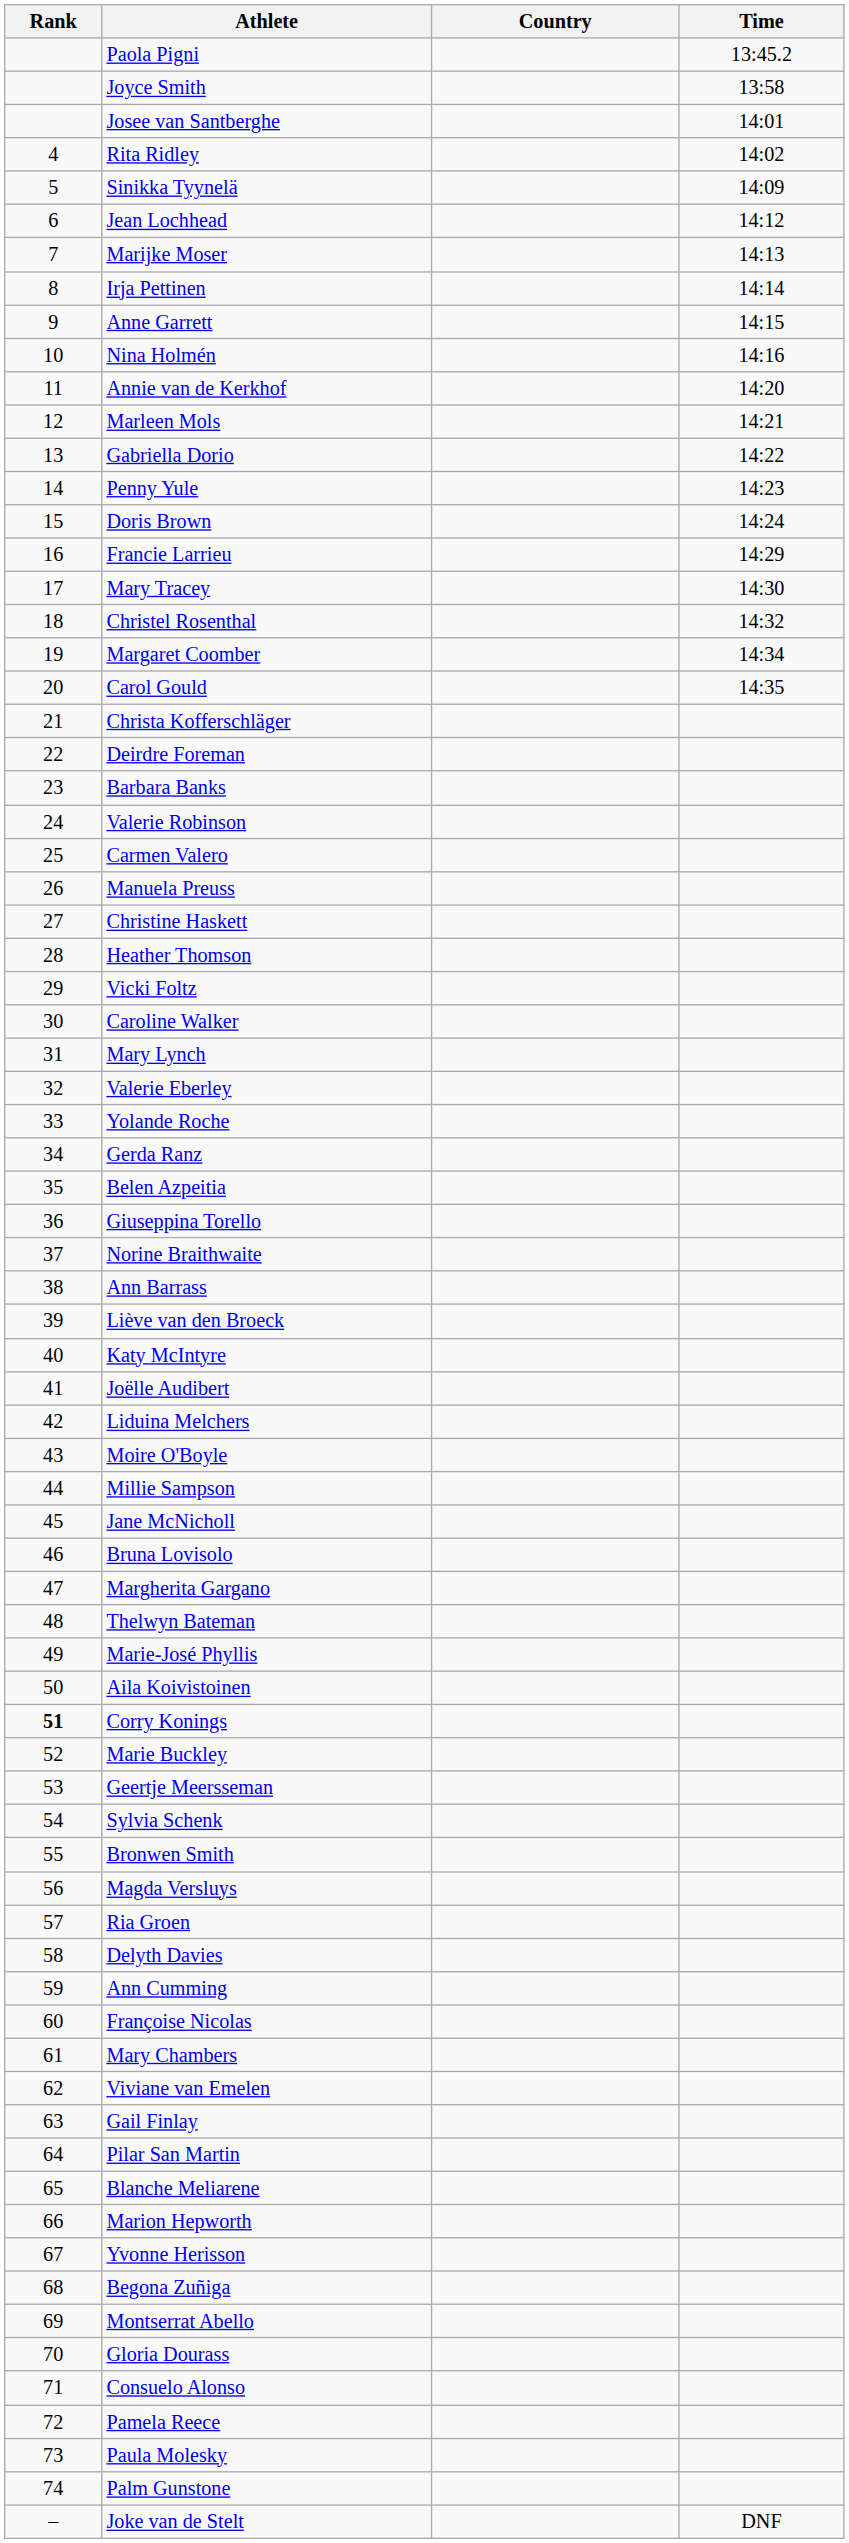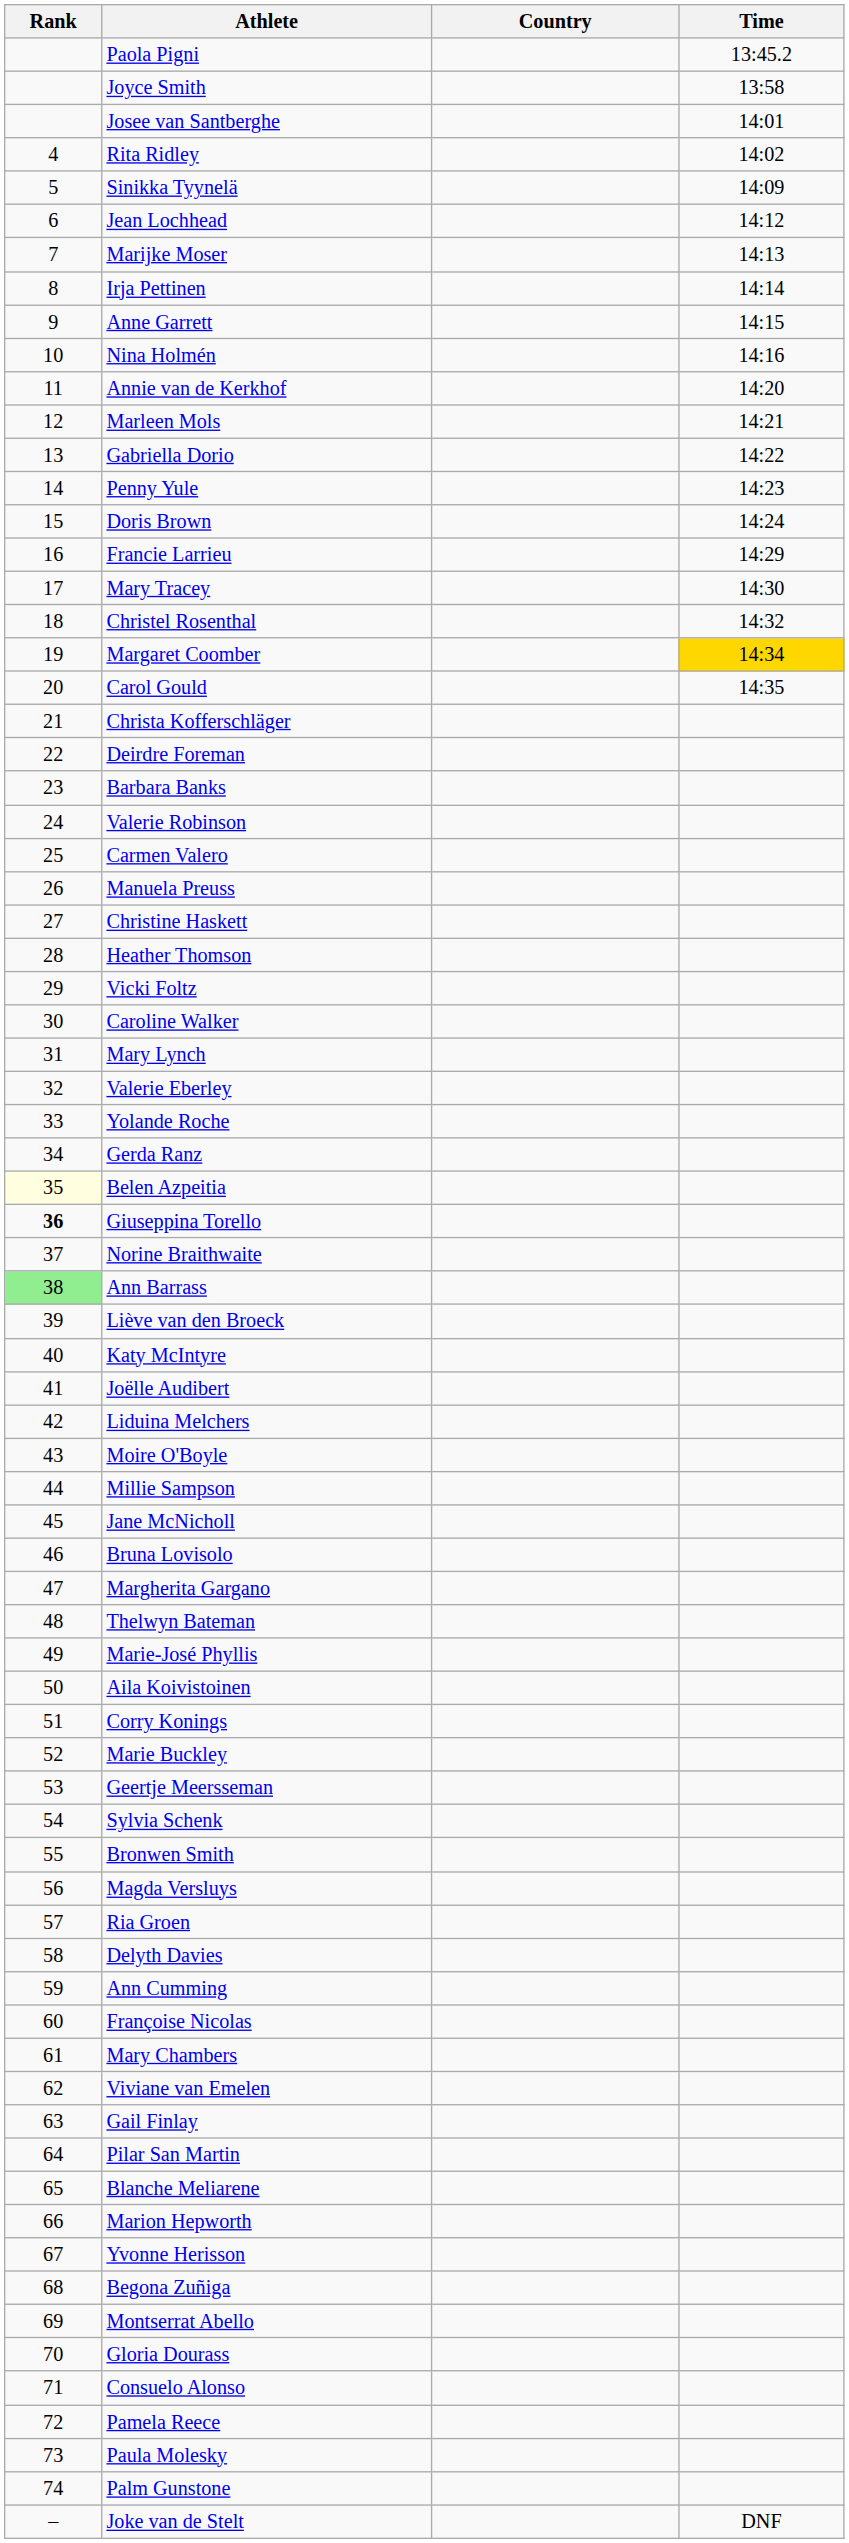 <table class="wikitable sortable" style=" text-align:center; font-size:95%;" width="50%">
 <tr>
 <th width=5%>Rank</th>
 <th width=20%>Athlete</th>
 <th width=15%>Country</th>
 <th width=10%>Time</th>
 </tr>
 <tr>
 <td align=center></td>
 <td align=left><a href='#'>Paola Pigni</a></td>
 <td align=left></td>
 <td>13:45.2</td>
 </tr>
 <tr>
 <td align=center></td>
 <td align=left><a href='#'>Joyce Smith</a></td>
 <td align=left></td>
 <td>13:58</td>
 </tr>
 <tr>
 <td align=center></td>
 <td align=left><a href='#'>Josee van Santberghe</a></td>
 <td align=left></td>
 <td>14:01</td>
 </tr>
 <tr>
 <td align=center>4</td>
 <td align=left><a href='#'>Rita Ridley</a></td>
 <td align=left></td>
 <td>14:02</td>
 </tr>
 <tr>
 <td align=center>5</td>
 <td align=left><a href='#'>Sinikka Tyynelä</a></td>
 <td align=left></td>
 <td>14:09</td>
 </tr>
 <tr>
 <td align=center>6</td>
 <td align=left><a href='#'>Jean Lochhead</a></td>
 <td align=left></td>
 <td>14:12</td>
 </tr>
 <tr>
 <td align=center>7</td>
 <td align=left><a href='#'>Marijke Moser</a></td>
 <td align=left></td>
 <td>14:13</td>
 </tr>
 <tr>
 <td align=center>8</td>
 <td align=left><a href='#'>Irja Pettinen</a></td>
 <td align=left></td>
 <td>14:14</td>
 </tr>
 <tr>
 <td align=center>9</td>
 <td align=left><a href='#'>Anne Garrett</a></td>
 <td align=left></td>
 <td>14:15</td>
 </tr>
 <tr>
 <td align=center>10</td>
 <td align=left><a href='#'>Nina Holmén</a></td>
 <td align=left></td>
 <td>14:16</td>
 </tr>
 <tr>
 <td align=center>11</td>
 <td align=left><a href='#'>Annie van de Kerkhof</a></td>
 <td align=left></td>
 <td>14:20</td>
 </tr>
 <tr>
 <td align=center>12</td>
 <td align=left><a href='#'>Marleen Mols</a></td>
 <td align=left></td>
 <td>14:21</td>
 </tr>
 <tr>
 <td align=center>13</td>
 <td align=left><a href='#'>Gabriella Dorio</a></td>
 <td align=left></td>
 <td>14:22</td>
 </tr>
 <tr>
 <td align=center>14</td>
 <td align=left><a href='#'>Penny Yule</a></td>
 <td align=left></td>
 <td>14:23</td>
 </tr>
 <tr>
 <td align=center>15</td>
 <td align=left><a href='#'>Doris Brown</a></td>
 <td align=left></td>
 <td>14:24</td>
 </tr>
 <tr>
 <td align=center>16</td>
 <td align=left><a href='#'>Francie Larrieu</a></td>
 <td align=left></td>
 <td>14:29</td>
 </tr>
 <tr>
 <td align=center>17</td>
 <td align=left><a href='#'>Mary Tracey</a></td>
 <td align=left></td>
 <td>14:30</td>
 </tr>
 <tr>
 <td align=center>18</td>
 <td align=left><a href='#'>Christel Rosenthal</a></td>
 <td align=left></td>
 <td>14:32</td>
 </tr>
 <tr>
 <td align=center>19</td>
 <td align=left><a href='#'>Margaret Coomber</a></td>
 <td align=left></td>
-<td>14:34</td>
+<td style="background: gold;">14:34</td>
 </tr>
 <tr>
 <td align=center>20</td>
 <td align=left><a href='#'>Carol Gould</a></td>
 <td align=left></td>
 <td>14:35</td>
 </tr>
 <tr>
 <td align=center>21</td>
 <td align=left><a href='#'>Christa Kofferschläger</a></td>
 <td align=left></td>
 <td></td>
 </tr>
 <tr>
 <td align=center>22</td>
 <td align=left><a href='#'>Deirdre Foreman</a></td>
 <td align=left></td>
 <td></td>
 </tr>
 <tr>
 <td align=center>23</td>
 <td align=left><a href='#'>Barbara Banks</a></td>
 <td align=left></td>
 <td></td>
 </tr>
 <tr>
 <td align=center>24</td>
 <td align=left><a href='#'>Valerie Robinson</a></td>
 <td align=left></td>
 <td></td>
 </tr>
 <tr>
 <td align=center>25</td>
 <td align=left><a href='#'>Carmen Valero</a></td>
 <td align=left></td>
 <td></td>
 </tr>
 <tr>
 <td align=center>26</td>
 <td align=left><a href='#'>Manuela Preuss</a></td>
 <td align=left></td>
 <td></td>
 </tr>
 <tr>
 <td align=center>27</td>
 <td align=left><a href='#'>Christine Haskett</a></td>
 <td align=left></td>
 <td></td>
 </tr>
 <tr>
 <td align=center>28</td>
 <td align=left><a href='#'>Heather Thomson</a></td>
 <td align=left></td>
 <td></td>
 </tr>
 <tr>
 <td align=center>29</td>
 <td align=left><a href='#'>Vicki Foltz</a></td>
 <td align=left></td>
 <td></td>
 </tr>
 <tr>
 <td align=center>30</td>
 <td align=left><a href='#'>Caroline Walker</a></td>
 <td align=left></td>
 <td></td>
 </tr>
 <tr>
 <td align=center>31</td>
 <td align=left><a href='#'>Mary Lynch</a></td>
 <td align=left></td>
 <td></td>
 </tr>
 <tr>
 <td align=center>32</td>
 <td align=left><a href='#'>Valerie Eberley</a></td>
 <td align=left></td>
 <td></td>
 </tr>
 <tr>
 <td align=center>33</td>
 <td align=left><a href='#'>Yolande Roche</a></td>
 <td align=left></td>
 <td></td>
 </tr>
 <tr>
 <td align=center>34</td>
 <td align=left><a href='#'>Gerda Ranz</a></td>
 <td align=left></td>
 <td></td>
 </tr>
 <tr>
-<td align=center>35</td>
+<td align=center style="background: lightyellow;">35</td>
 <td align=left><a href='#'>Belen Azpeitia</a></td>
 <td align=left></td>
 <td></td>
 </tr>
 <tr>
-<td align=center>36</td>
+<td align=center><strong>36</strong></td>
 <td align=left><a href='#'>Giuseppina Torello</a></td>
 <td align=left></td>
 <td></td>
 </tr>
 <tr>
 <td align=center>37</td>
 <td align=left><a href='#'>Norine Braithwaite</a></td>
 <td align=left></td>
 <td></td>
 </tr>
 <tr>
-<td align=center>38</td>
+<td align=center style="background: lightgreen;">38</td>
 <td align=left><a href='#'>Ann Barrass</a></td>
 <td align=left></td>
 <td></td>
 </tr>
 <tr>
 <td align=center>39</td>
 <td align=left><a href='#'>Liève van den Broeck</a></td>
 <td align=left></td>
 <td></td>
 </tr>
 <tr>
 <td align=center>40</td>
 <td align=left><a href='#'>Katy McIntyre</a></td>
 <td align=left></td>
 <td></td>
 </tr>
 <tr>
 <td align=center>41</td>
 <td align=left><a href='#'>Joëlle Audibert</a></td>
 <td align=left></td>
 <td></td>
 </tr>
 <tr>
 <td align=center>42</td>
 <td align=left><a href='#'>Liduina Melchers</a></td>
 <td align=left></td>
 <td></td>
 </tr>
 <tr>
 <td align=center>43</td>
 <td align=left><a href='#'>Moire O'Boyle</a></td>
 <td align=left></td>
 <td></td>
 </tr>
 <tr>
 <td align=center>44</td>
 <td align=left><a href='#'>Millie Sampson</a></td>
 <td align=left></td>
 <td></td>
 </tr>
 <tr>
 <td align=center>45</td>
 <td align=left><a href='#'>Jane McNicholl</a></td>
 <td align=left></td>
 <td></td>
 </tr>
 <tr>
 <td align=center>46</td>
 <td align=left><a href='#'>Bruna Lovisolo</a></td>
 <td align=left></td>
 <td></td>
 </tr>
 <tr>
 <td align=center>47</td>
 <td align=left><a href='#'>Margherita Gargano</a></td>
 <td align=left></td>
 <td></td>
 </tr>
 <tr>
 <td align=center>48</td>
 <td align=left><a href='#'>Thelwyn Bateman</a></td>
 <td align=left></td>
 <td></td>
 </tr>
 <tr>
 <td align=center>49</td>
 <td align=left><a href='#'>Marie-José Phyllis</a></td>
 <td align=left></td>
 <td></td>
 </tr>
 <tr>
 <td align=center>50</td>
 <td align=left><a href='#'>Aila Koivistoinen</a></td>
 <td align=left></td>
 <td></td>
 </tr>
 <tr>
-<td align=center><strong>51</strong></td>
+<td align=center>51</td>
 <td align=left><a href='#'>Corry Konings</a></td>
 <td align=left></td>
 <td></td>
 </tr>
 <tr>
 <td align=center>52</td>
 <td align=left><a href='#'>Marie Buckley</a></td>
 <td align=left></td>
 <td></td>
 </tr>
 <tr>
 <td align=center>53</td>
 <td align=left><a href='#'>Geertje Meersseman</a></td>
 <td align=left></td>
 <td></td>
 </tr>
 <tr>
 <td align=center>54</td>
 <td align=left><a href='#'>Sylvia Schenk</a></td>
 <td align=left></td>
 <td></td>
 </tr>
 <tr>
 <td align=center>55</td>
 <td align=left><a href='#'>Bronwen Smith</a></td>
 <td align=left></td>
 <td></td>
 </tr>
 <tr>
 <td align=center>56</td>
 <td align=left><a href='#'>Magda Versluys</a></td>
 <td align=left></td>
 <td></td>
 </tr>
 <tr>
 <td align=center>57</td>
 <td align=left><a href='#'>Ria Groen</a></td>
 <td align=left></td>
 <td></td>
 </tr>
 <tr>
 <td align=center>58</td>
 <td align=left><a href='#'>Delyth Davies</a></td>
 <td align=left></td>
 <td></td>
 </tr>
 <tr>
 <td align=center>59</td>
 <td align=left><a href='#'>Ann Cumming</a></td>
 <td align=left></td>
 <td></td>
 </tr>
 <tr>
 <td align=center>60</td>
 <td align=left><a href='#'>Françoise Nicolas</a></td>
 <td align=left></td>
 <td></td>
 </tr>
 <tr>
 <td align=center>61</td>
 <td align=left><a href='#'>Mary Chambers</a></td>
 <td align=left></td>
 <td></td>
 </tr>
 <tr>
 <td align=center>62</td>
 <td align=left><a href='#'>Viviane van Emelen</a></td>
 <td align=left></td>
 <td></td>
 </tr>
 <tr>
 <td align=center>63</td>
 <td align=left><a href='#'>Gail Finlay</a></td>
 <td align=left></td>
 <td></td>
 </tr>
 <tr>
 <td align=center>64</td>
 <td align=left><a href='#'>Pilar San Martin</a></td>
 <td align=left></td>
 <td></td>
 </tr>
 <tr>
 <td align=center>65</td>
 <td align=left><a href='#'>Blanche Meliarene</a></td>
 <td align=left></td>
 <td></td>
 </tr>
 <tr>
 <td align=center>66</td>
 <td align=left><a href='#'>Marion Hepworth</a></td>
 <td align=left></td>
 <td></td>
 </tr>
 <tr>
 <td align=center>67</td>
 <td align=left><a href='#'>Yvonne Herisson</a></td>
 <td align=left></td>
 <td></td>
 </tr>
 <tr>
 <td align=center>68</td>
 <td align=left><a href='#'>Begona Zuñiga</a></td>
 <td align=left></td>
 <td></td>
 </tr>
 <tr>
 <td align=center>69</td>
 <td align=left><a href='#'>Montserrat Abello</a></td>
 <td align=left></td>
 <td></td>
 </tr>
 <tr>
 <td align=center>70</td>
 <td align=left><a href='#'>Gloria Dourass</a></td>
 <td align=left></td>
 <td></td>
 </tr>
 <tr>
 <td align=center>71</td>
 <td align=left><a href='#'>Consuelo Alonso</a></td>
 <td align=left></td>
 <td></td>
 </tr>
 <tr>
 <td align=center>72</td>
 <td align=left><a href='#'>Pamela Reece</a></td>
 <td align=left></td>
 <td></td>
 </tr>
 <tr>
 <td align=center>73</td>
 <td align=left><a href='#'>Paula Molesky</a></td>
 <td align=left></td>
 <td></td>
 </tr>
 <tr>
 <td align=center>74</td>
 <td align=left><a href='#'>Palm Gunstone</a></td>
 <td align=left></td>
 <td></td>
 </tr>
 <tr>
 <td align=center>–</td>
 <td align=left><a href='#'>Joke van de Stelt</a></td>
 <td align=left></td>
 <td>DNF</td>
 </tr>
 </table>
